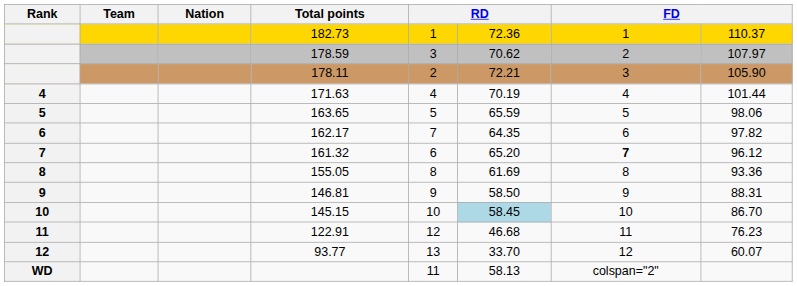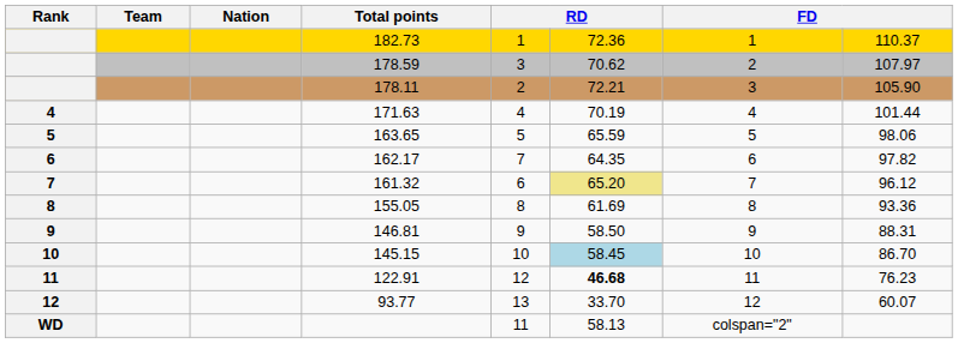 <table class="wikitable sortable" style="text-align:center;" width="80%">
 <tr>
 <th scope="col">Rank</th>
 <th scope="col">Team</th>
 <th scope="col">Nation</th>
 <th scope="col">Total points</th>
 <th scope="col" colspan="2" width="80px"><a href='#'>RD</a></th>
 <th scope="col" colspan="2" width="80px"><a href='#'>FD</a></th>
 </tr>
 <tr bgcolor="gold">
 <th scope="row"></th>
 <td align="left"></td>
 <td align="left"></td>
 <td>182.73</td>
 <td>1</td>
 <td>72.36</td>
 <td>1</td>
 <td>110.37</td>
 </tr>
 <tr bgcolor="silver">
 <th scope="row"></th>
 <td align="left"></td>
 <td align="left"></td>
 <td>178.59</td>
 <td>3</td>
 <td>70.62</td>
 <td>2</td>
 <td>107.97</td>
 </tr>
 <tr bgcolor="cc9966">
 <th scope="row"></th>
 <td align="left"></td>
 <td align="left"></td>
 <td>178.11</td>
 <td>2</td>
 <td>72.21</td>
 <td>3</td>
 <td>105.90</td>
 </tr>
 <tr>
 <th scope="row">4</th>
 <td align="left"></td>
 <td align="left"></td>
 <td>171.63</td>
 <td>4</td>
 <td>70.19</td>
 <td>4</td>
 <td>101.44</td>
 </tr>
 <tr>
 <th scope="row">5</th>
 <td align="left"></td>
 <td align="left"></td>
 <td>163.65</td>
 <td>5</td>
 <td>65.59</td>
 <td>5</td>
 <td>98.06</td>
 </tr>
 <tr>
 <th scope="row">6</th>
 <td align="left"></td>
 <td align="left"></td>
 <td>162.17</td>
 <td>7</td>
 <td>64.35</td>
 <td>6</td>
 <td>97.82</td>
 </tr>
 <tr>
 <th scope="row">7</th>
 <td align="left"></td>
 <td align="left"></td>
 <td>161.32</td>
 <td>6</td>
-<td>65.20</td>
-<td><strong>7</strong></td>
+<td style="background: khaki;">65.20</td>
+<td>7</td>
 <td>96.12</td>
 </tr>
 <tr>
 <th scope="row">8</th>
 <td align="left"></td>
 <td align="left"></td>
 <td>155.05</td>
 <td>8</td>
 <td>61.69</td>
 <td>8</td>
 <td>93.36</td>
 </tr>
 <tr>
 <th scope="row">9</th>
 <td align="left"></td>
 <td align="left"></td>
 <td>146.81</td>
 <td>9</td>
 <td>58.50</td>
 <td>9</td>
 <td>88.31</td>
 </tr>
 <tr>
 <th scope="row">10</th>
 <td align="left"></td>
 <td align="left"></td>
 <td>145.15</td>
 <td>10</td>
 <td style="background: lightblue;">58.45</td>
 <td>10</td>
 <td>86.70</td>
 </tr>
 <tr>
 <th scope="row">11</th>
 <td align="left"></td>
 <td align="left"></td>
 <td>122.91</td>
 <td>12</td>
-<td>46.68</td>
+<td><strong>46.68</strong></td>
 <td>11</td>
 <td>76.23</td>
 </tr>
 <tr>
 <th scope="row">12</th>
 <td align="left"></td>
 <td align="left"></td>
 <td>93.77</td>
 <td>13</td>
 <td>33.70</td>
 <td>12</td>
 <td>60.07</td>
 </tr>
 <tr>
 <th scope="row">WD</th>
 <td align="left"></td>
 <td align="left"></td>
 <td></td>
 <td>11</td>
 <td>58.13</td>
 <td>colspan="2" </td>
 </tr>
 </table>
